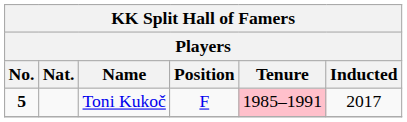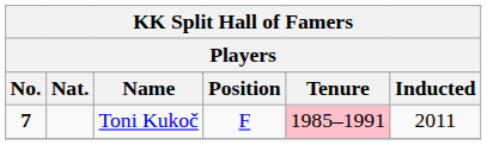 <table class="wikitable" style="text-align:center">
 <tr>
 <th colspan="6">KK Split Hall of Famers</th>
 </tr>
 <tr>
 <th colspan="6">Players</th>
 </tr>
 <tr>
 <th>No.</th>
 <th>Nat.</th>
 <th>Name</th>
 <th>Position</th>
 <th>Tenure</th>
 <th>Inducted</th>
 </tr>
 <tr>
-<td><strong>5</strong></td>
+<td><strong>7</strong></td>
 <td></td>
 <td><a href='#'>Toni Kukoč</a></td>
 <td><a href='#'>F</a></td>
 <td style="background: pink;">1985–1991</td>
-<td>2017</td>
+<td>2011</td>
 </tr>
 <tr>
 </tr>
 </table>
